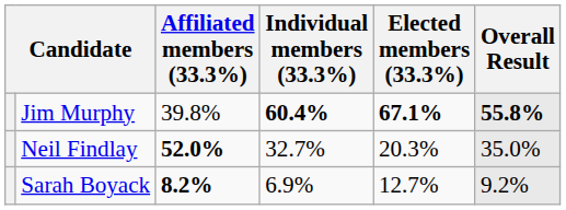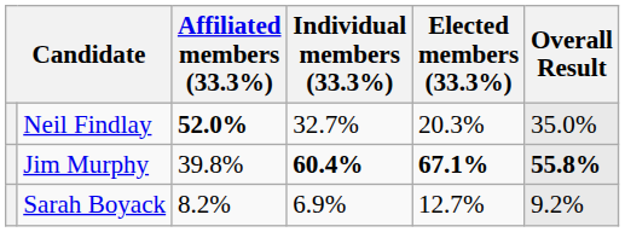 <table class="wikitable">
 <tr>
 <th colspan="2">Candidate</th>
 <th><a href='#'>Affiliated</a> <br> members<br> <strong>(33.3%)</strong></th>
 <th>Individual <br> members <br> <strong>(33.3%)</strong></th>
 <th>Elected <br>members<br> <strong>(33.3%)</strong></th>
 <th>Overall <br> Result</th>
+</tr>
+<tr>
+<th style="background-color: "></th>
+<td><a href='#'>Neil Findlay</a></td>
+<td><strong>52.0%</strong></td>
+<td>32.7%</td>
+<td>20.3%</td>
+<td style="background:#e9e9e9;">35.0%</td>
 </tr>
 <tr>
 <th style="background-color: "></th>
 <td><a href='#'>Jim Murphy</a></td>
 <td>39.8%</td>
 <td><strong>60.4%</strong></td>
 <td><strong>67.1%</strong></td>
 <td style="background:#e9e9e9;"><strong>55.8%</strong></td>
 </tr>
 <tr>
 <th style="background-color: "></th>
-<td><a href='#'>Neil Findlay</a></td>
-<td><strong>52.0%</strong></td>
-<td>32.7%</td>
-<td>20.3%</td>
-<td style="background:#e9e9e9;">35.0%</td>
-</tr>
-<tr>
-<th style="background-color: "></th>
 <td><a href='#'>Sarah Boyack</a></td>
-<td><strong>8.2%</strong></td>
+<td>8.2%</td>
 <td>6.9%</td>
 <td>12.7%</td>
 <td style="background:#e9e9e9;">9.2%</td>
 </tr>
 </table>
